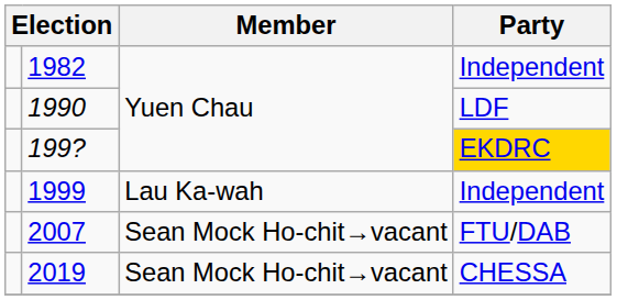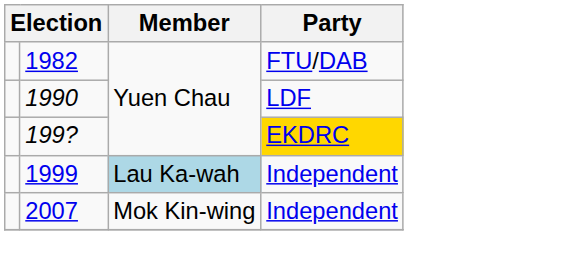 <table class="wikitable">
 <tr>
 <th colspan="2">Election</th>
 <th>Member</th>
 <th>Party</th>
 </tr>
 <tr>
 <td style="background-color:"></td>
 <td><a href='#'>1982</a></td>
 <td rowspan=3>Yuen Chau</td>
-<td><a href='#'>Independent</a></td>
+<td><a href='#'>FTU</a>/<a href='#'>DAB</a></td>
 </tr>
 <tr>
 <td style="background-color:"></td>
 <td><em>1990</em></td>
 <td><a href='#'>LDF</a></td>
 </tr>
 <tr>
 <td style="background-color:"></td>
 <td><em>199?</em></td>
 <td style="background: gold;"><a href='#'>EKDRC</a></td>
 </tr>
 <tr>
 <td style="background-color:"></td>
 <td><a href='#'>1999</a></td>
-<td>Lau Ka-wah</td>
+<td style="background: lightblue;">Lau Ka-wah</td>
 <td><a href='#'>Independent</a></td>
 </tr>
 <tr>
 <td style="background-color:"></td>
 <td><a href='#'>2007</a></td>
-<td>Sean Mock Ho-chit→vacant</td>
-<td><a href='#'>FTU</a>/<a href='#'>DAB</a></td>
-</tr>
-<tr>
-<td style="background-color:"></td>
-<td><a href='#'>2019</a></td>
-<td>Sean Mock Ho-chit→vacant</td>
-<td><a href='#'>CHESSA</a></td>
+<td>Mok Kin-wing</td>
+<td><a href='#'>Independent</a></td>
 </tr>
 <tr>
 </tr>
 </table>
